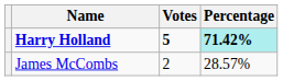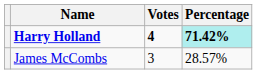 <table class="wikitable">
 <tr>
 <th></th>
 <th>Name</th>
 <th>Votes</th>
 <th>Percentage</th>
 </tr>
 <tr>
 <th style="background-color: "></th>
 <td width="150"><strong><a href='#'>Harry Holland</a></strong></td>
-<td><strong>5</strong></td>
+<td><strong>4</strong></td>
 <td style="background: paleturquoise;"><strong>71.42%</strong></td>
 </tr>
 <tr>
 <th style="background-color: "></th>
 <td><a href='#'>James McCombs</a></td>
-<td>2</td>
+<td>3</td>
 <td>28.57%</td>
 </tr>
 </table>
